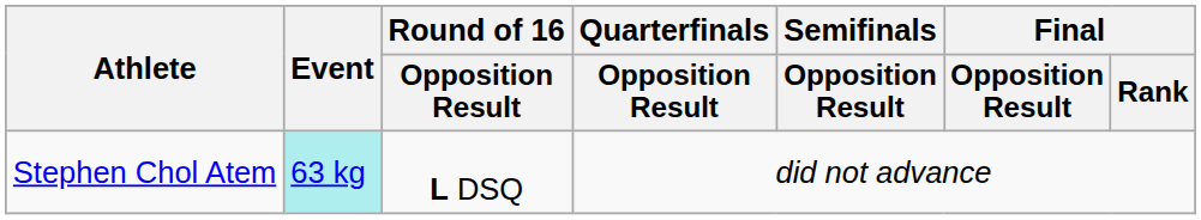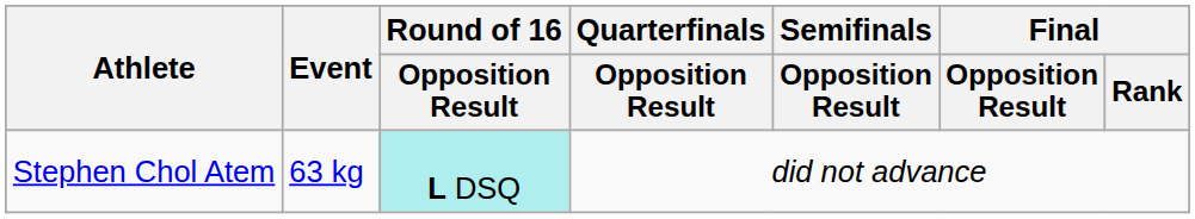 <table class="wikitable" style="font-size:90%;">
 <tr>
 <th rowspan=2>Athlete</th>
 <th rowspan=2>Event</th>
 <th>Round of 16</th>
 <th>Quarterfinals</th>
 <th>Semifinals</th>
 <th colspan=2>Final</th>
 </tr>
 <tr style="font-size:95%">
 <th>Opposition<br>Result</th>
 <th>Opposition<br>Result</th>
 <th>Opposition<br>Result</th>
 <th>Opposition<br>Result</th>
 <th>Rank</th>
 </tr>
 <tr align=center>
 <td align=left><a href='#'>Stephen Chol Atem</a></td>
-<td align=left style="background: paleturquoise;"><a href='#'>63 kg</a></td>
-<td><br><strong>L</strong> DSQ</td>
+<td align=left><a href='#'>63 kg</a></td>
+<td style="background: paleturquoise;"><br><strong>L</strong> DSQ</td>
 <td colspan=4><em>did not advance</em></td>
 </tr>
 </table>
